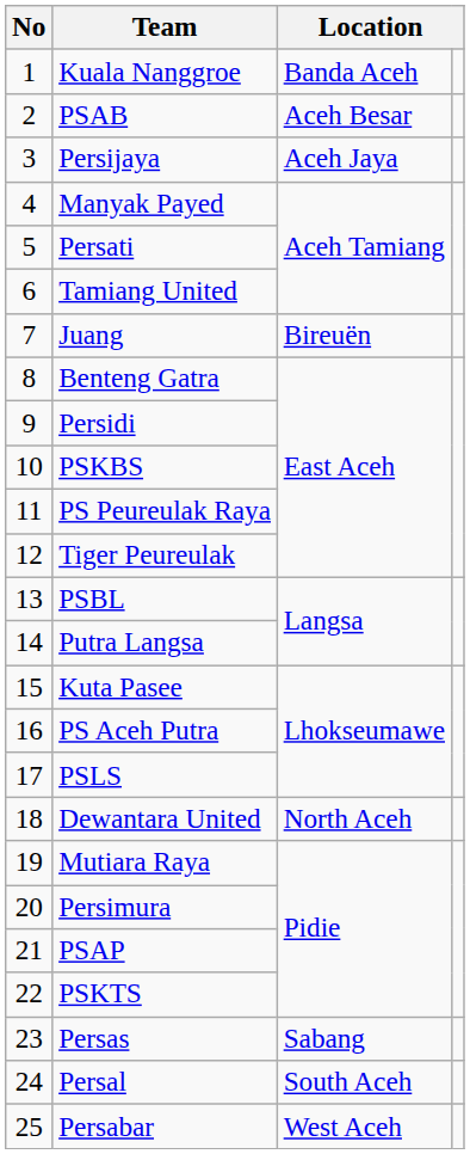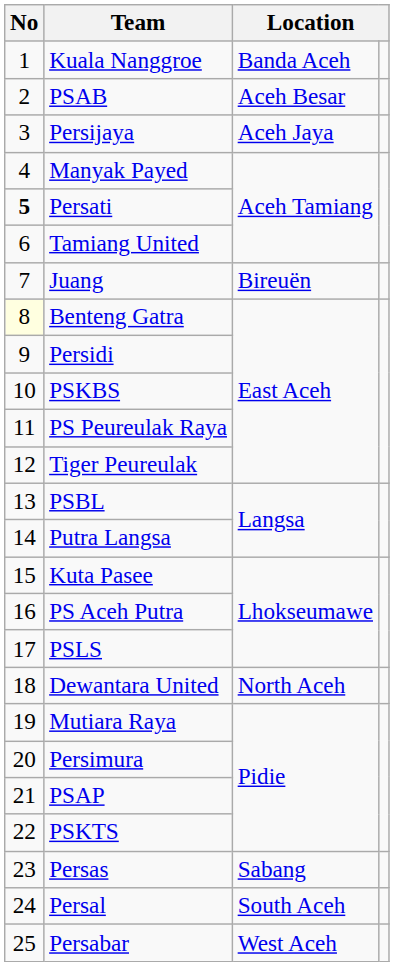 <table class="wikitable sortable">
 <tr>
 <th>No</th>
 <th>Team</th>
 <th colspan="2">Location</th>
 </tr>
 <tr>
 <td align=center>1</td>
 <td><a href='#'>Kuala Nanggroe</a></td>
 <td><a href='#'>Banda Aceh</a></td>
 <td></td>
 </tr>
 <tr>
 <td align=center>2</td>
 <td><a href='#'>PSAB</a></td>
 <td><a href='#'>Aceh Besar</a></td>
 <td></td>
 </tr>
 <tr>
 <td align=center>3</td>
 <td><a href='#'>Persijaya</a></td>
 <td><a href='#'>Aceh Jaya</a></td>
 <td></td>
 </tr>
 <tr>
 <td align=center>4</td>
 <td><a href='#'>Manyak Payed</a></td>
 <td rowspan=3><a href='#'>Aceh Tamiang</a></td>
 <td rowspan=3></td>
 </tr>
 <tr>
-<td align=center>5</td>
+<td align=center><strong>5</strong></td>
 <td><a href='#'>Persati</a></td>
 </tr>
 <tr>
 <td align=center>6</td>
 <td><a href='#'>Tamiang United</a></td>
 </tr>
 <tr>
 <td align=center>7</td>
 <td><a href='#'>Juang</a></td>
 <td><a href='#'>Bireuën</a></td>
 <td></td>
 </tr>
 <tr>
-<td align=center>8</td>
+<td align=center style="background: lightyellow;">8</td>
 <td><a href='#'>Benteng Gatra</a></td>
 <td rowspan=5><a href='#'>East Aceh</a></td>
 <td rowspan=5></td>
 </tr>
 <tr>
 <td align=center>9</td>
 <td><a href='#'>Persidi</a></td>
 </tr>
 <tr>
 <td align=center>10</td>
 <td><a href='#'>PSKBS</a></td>
 </tr>
 <tr>
 <td align=center>11</td>
 <td><a href='#'>PS Peureulak Raya</a></td>
 </tr>
 <tr>
 <td align=center>12</td>
 <td><a href='#'>Tiger Peureulak</a></td>
 </tr>
 <tr>
 <td align=center>13</td>
 <td><a href='#'>PSBL</a></td>
 <td rowspan=2><a href='#'>Langsa</a></td>
 <td rowspan=2></td>
 </tr>
 <tr>
 <td align=center>14</td>
 <td><a href='#'>Putra Langsa</a></td>
 </tr>
 <tr>
 <td align=center>15</td>
 <td><a href='#'>Kuta Pasee</a></td>
 <td rowspan=3><a href='#'>Lhokseumawe</a></td>
 <td rowspan=3></td>
 </tr>
 <tr>
 <td align=center>16</td>
 <td><a href='#'>PS Aceh Putra</a></td>
 </tr>
 <tr>
 <td align=center>17</td>
 <td><a href='#'>PSLS</a></td>
 </tr>
 <tr>
 <td align=center>18</td>
 <td><a href='#'>Dewantara United</a></td>
 <td><a href='#'>North Aceh</a></td>
 <td></td>
 </tr>
 <tr>
 <td align=center>19</td>
 <td><a href='#'>Mutiara Raya</a></td>
 <td rowspan=4><a href='#'>Pidie</a></td>
 <td rowspan=4></td>
 </tr>
 <tr>
 <td align=center>20</td>
 <td><a href='#'>Persimura</a></td>
 </tr>
 <tr>
 <td align=center>21</td>
 <td><a href='#'>PSAP</a></td>
 </tr>
 <tr>
 <td align=center>22</td>
 <td><a href='#'>PSKTS</a></td>
 </tr>
 <tr>
 <td align=center>23</td>
 <td><a href='#'>Persas</a></td>
 <td><a href='#'>Sabang</a></td>
 <td></td>
 </tr>
 <tr>
 <td align=center>24</td>
 <td><a href='#'>Persal</a></td>
 <td><a href='#'>South Aceh</a></td>
 <td></td>
 </tr>
 <tr>
 <td align=center>25</td>
 <td><a href='#'>Persabar</a></td>
 <td><a href='#'>West Aceh</a></td>
 <td></td>
 </tr>
 </table>
